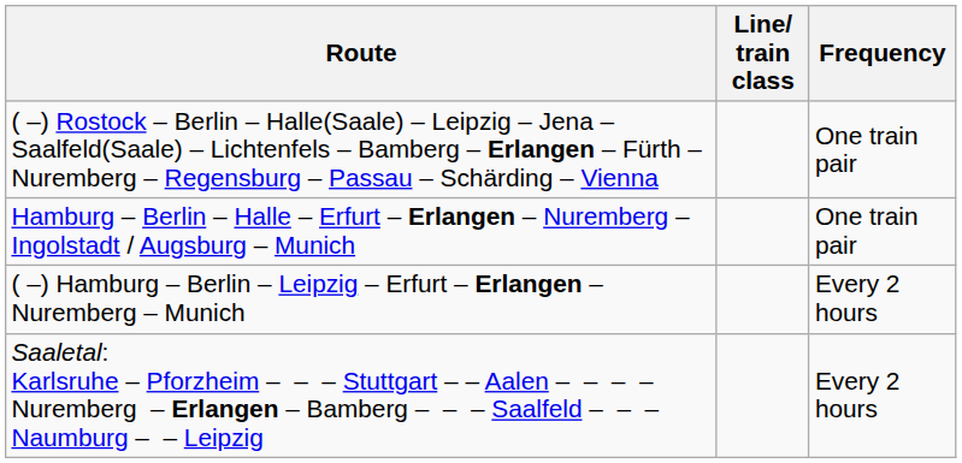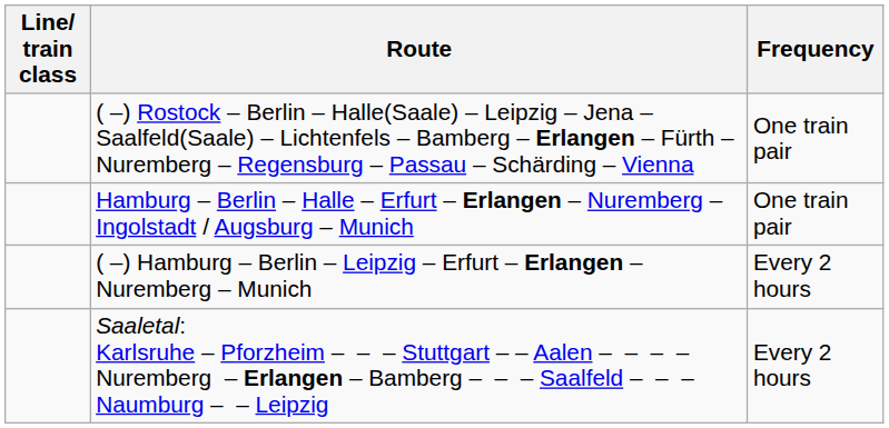 <table class="wikitable">
 <tr>
+<th>Line/<br>train class</th>
 <th>Route</th>
-<th>Line/<br>train class</th>
 <th>Frequency</th>
 </tr>
 <tr>
+<td style="text-align:center"></td>
 <td>( –) <a href='#'>Rostock</a> – Berlin – Halle(Saale) – Leipzig – Jena – Saalfeld(Saale) – Lichtenfels – Bamberg – <strong>Erlangen</strong> – Fürth – Nuremberg – <a href='#'>Regensburg</a> – <a href='#'>Passau</a> – Schärding – <a href='#'>Vienna</a></td>
-<td style="text-align:center"></td>
 <td>One train pair</td>
 </tr>
 <tr>
+<td style="text-align:center"></td>
 <td><a href='#'>Hamburg</a> – <a href='#'>Berlin</a> – <a href='#'>Halle</a> – <a href='#'>Erfurt</a> – <strong>Erlangen</strong> – <a href='#'>Nuremberg</a> – <a href='#'>Ingolstadt</a> /  <a href='#'>Augsburg</a> – <a href='#'>Munich</a></td>
-<td style="text-align:center"></td>
 <td>One train pair</td>
 </tr>
 <tr>
+<td style="text-align:center"></td>
 <td>( –) Hamburg – Berlin – <a href='#'>Leipzig</a> – Erfurt – <strong>Erlangen</strong> – Nuremberg – Munich</td>
-<td style="text-align:center"></td>
 <td>Every 2 hours</td>
 </tr>
 <tr>
+<td style="text-align:center"></td>
 <td><em>Saaletal</em>:<br><a href='#'>Karlsruhe</a> – <a href='#'>Pforzheim</a> –  –  – <a href='#'>Stuttgart</a> –  – <a href='#'>Aalen</a> –  –  –  – Nuremberg  – <strong>Erlangen</strong> – Bamberg –  –  – <a href='#'>Saalfeld</a> –  –  – <a href='#'>Naumburg</a> –  – <a href='#'>Leipzig</a></td>
-<td style="text-align:center"></td>
 <td>Every 2 hours</td>
 </tr>
 </table>
